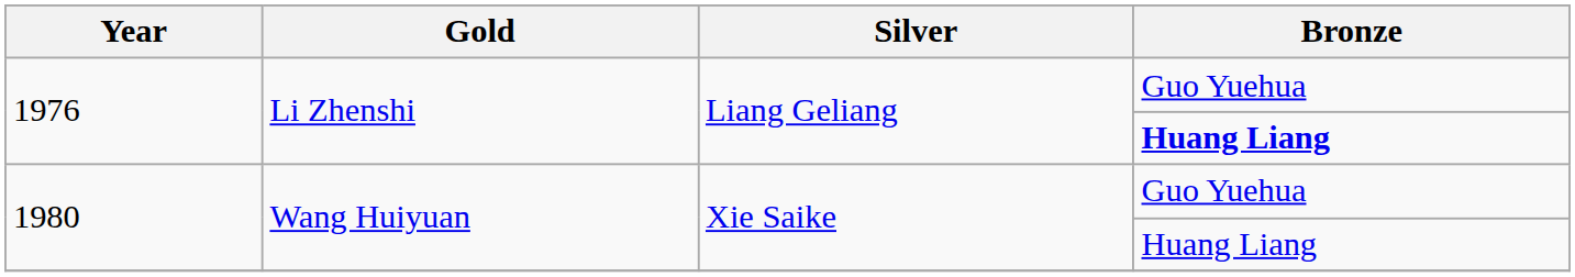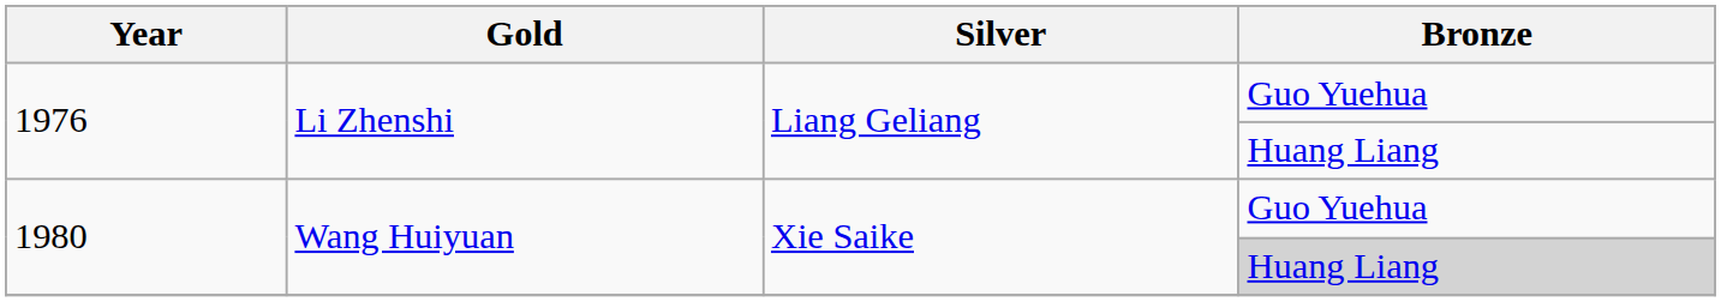 <table class="wikitable" style="text-align: left; width: 750px;">
 <tr>
 <th width="100">Year</th>
 <th width="175">Gold</th>
 <th width="175">Silver</th>
 <th width="175">Bronze</th>
 </tr>
 <tr>
 <td rowspan=2>1976</td>
 <td rowspan=2> <a href='#'>Li Zhenshi</a></td>
 <td rowspan=2> <a href='#'>Liang Geliang</a></td>
 <td> <a href='#'>Guo Yuehua</a></td>
 </tr>
 <tr>
-<td><strong> <a href='#'>Huang Liang</a></strong></td>
+<td> <a href='#'>Huang Liang</a></td>
 </tr>
 <tr>
 <td rowspan=2>1980</td>
 <td rowspan=2> <a href='#'>Wang Huiyuan</a></td>
 <td rowspan=2> <a href='#'>Xie Saike</a></td>
 <td> <a href='#'>Guo Yuehua</a></td>
 </tr>
 <tr>
-<td> <a href='#'>Huang Liang</a></td>
+<td style="background: lightgrey;"> <a href='#'>Huang Liang</a></td>
 </tr>
 <tr>
 </tr>
 </table>
